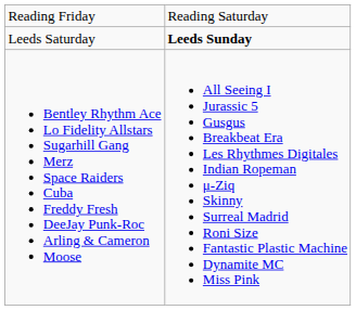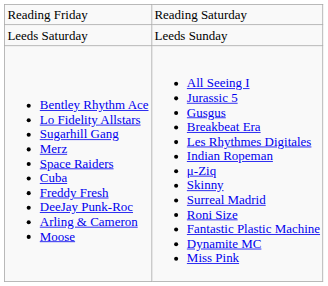 <table class="wikitable">
 <tr>
 <td>Reading Friday</td>
 <td>Reading Saturday</td>
 </tr>
 <tr>
 <td>Leeds Saturday</td>
-<td><strong>Leeds Sunday</strong></td>
+<td>Leeds Sunday</td>
 </tr>
 <tr>
 <td><br><ul><li><a href='#'>Bentley Rhythm Ace</a></li><li><a href='#'>Lo Fidelity Allstars</a></li><li><a href='#'>Sugarhill Gang</a></li><li><a href='#'>Merz</a></li><li><a href='#'>Space Raiders</a></li><li><a href='#'>Cuba</a></li><li><a href='#'>Freddy Fresh</a></li><li><a href='#'>DeeJay Punk-Roc</a></li><li><a href='#'>Arling & Cameron</a></li><li><a href='#'>Moose</a></li></ul></td>
 <td><br><ul><li><a href='#'>All Seeing I</a></li><li><a href='#'>Jurassic 5</a></li><li><a href='#'>Gusgus</a></li><li><a href='#'>Breakbeat Era</a></li><li><a href='#'>Les Rhythmes Digitales</a></li><li><a href='#'>Indian Ropeman</a></li><li><a href='#'>μ-Ziq</a></li><li><a href='#'>Skinny</a></li><li><a href='#'>Surreal Madrid</a></li><li><a href='#'>Roni Size</a></li><li><a href='#'>Fantastic Plastic Machine</a></li><li><a href='#'>Dynamite MC</a></li><li><a href='#'>Miss Pink</a></li></ul></td>
 </tr>
 </table>
